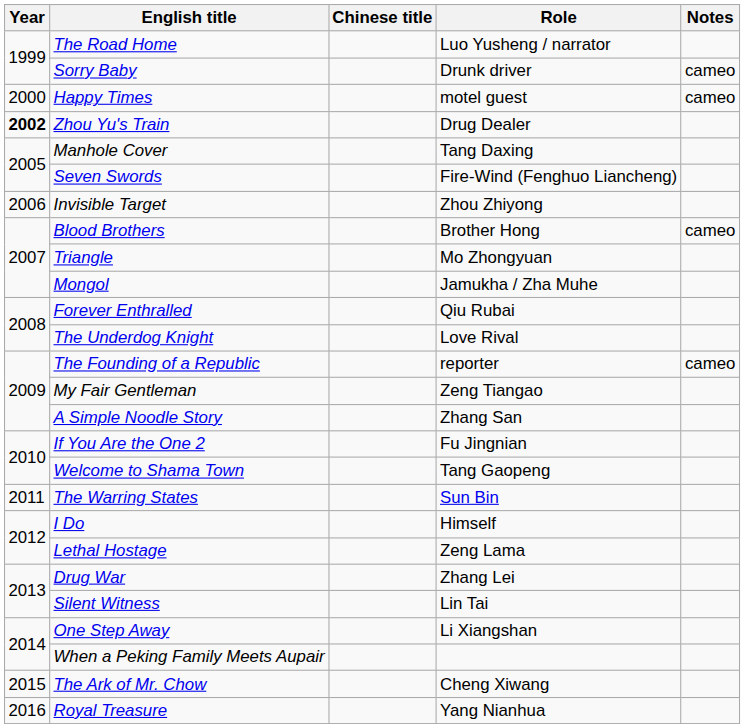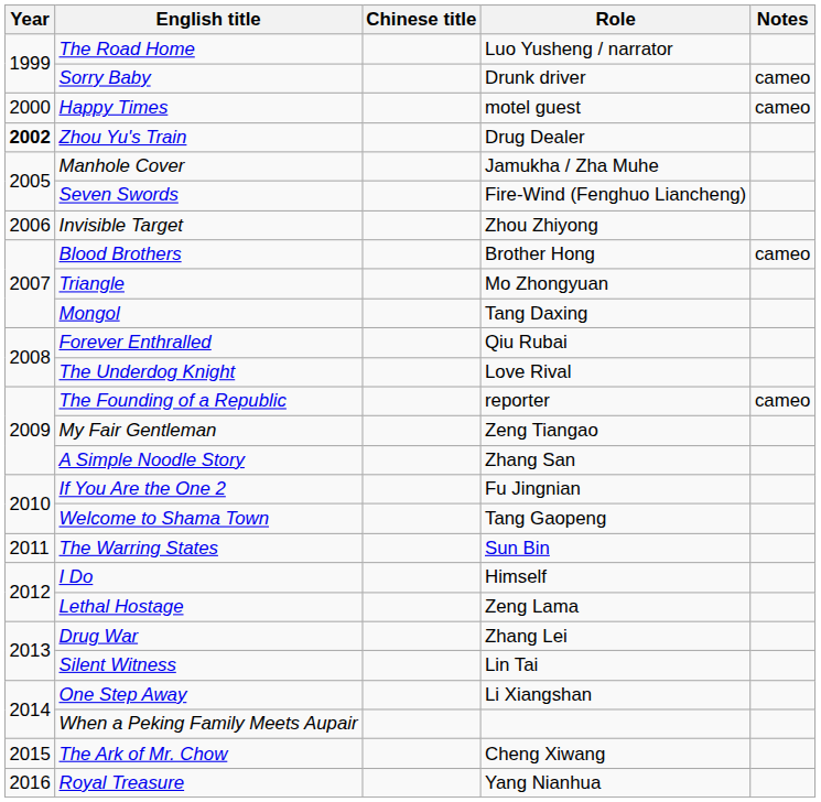 <table class="wikitable sortable">
 <tr>
 <th>Year</th>
 <th>English title</th>
 <th>Chinese title</th>
 <th>Role</th>
 <th>Notes</th>
 </tr>
 <tr>
 <td rowspan=2>1999</td>
 <td><em><a href='#'>The Road Home</a></em></td>
 <td></td>
 <td>Luo Yusheng / narrator</td>
 <td></td>
 </tr>
 <tr>
 <td><em><a href='#'>Sorry Baby</a></em></td>
 <td></td>
 <td>Drunk driver</td>
 <td>cameo</td>
 </tr>
 <tr>
 <td>2000</td>
 <td><em><a href='#'>Happy Times</a></em></td>
 <td></td>
 <td>motel guest</td>
 <td>cameo</td>
 </tr>
 <tr>
 <td><strong>2002</strong></td>
 <td><em><a href='#'>Zhou Yu's Train</a></em></td>
 <td></td>
 <td>Drug Dealer</td>
 <td></td>
 </tr>
 <tr>
 <td rowspan=2>2005</td>
 <td><em>Manhole Cover</em></td>
 <td></td>
-<td>Tang Daxing</td>
+<td>Jamukha / Zha Muhe</td>
 <td></td>
 </tr>
 <tr>
 <td><em><a href='#'>Seven Swords</a></em></td>
 <td></td>
 <td>Fire-Wind (Fenghuo Liancheng)</td>
 <td></td>
 </tr>
 <tr>
 <td>2006</td>
 <td><em>Invisible Target</em></td>
 <td></td>
 <td>Zhou Zhiyong</td>
 <td></td>
 </tr>
 <tr>
 <td rowspan=3>2007</td>
 <td><em><a href='#'>Blood Brothers</a></em></td>
 <td></td>
 <td>Brother Hong</td>
 <td>cameo</td>
 </tr>
 <tr>
 <td><em><a href='#'>Triangle</a></em></td>
 <td></td>
 <td>Mo Zhongyuan</td>
 <td></td>
 </tr>
 <tr>
 <td><em><a href='#'>Mongol</a></em></td>
 <td></td>
-<td>Jamukha / Zha Muhe</td>
+<td>Tang Daxing</td>
 <td></td>
 </tr>
 <tr>
 <td rowspan=2>2008</td>
 <td><em><a href='#'>Forever Enthralled</a></em></td>
 <td></td>
 <td>Qiu Rubai</td>
 <td></td>
 </tr>
 <tr>
 <td><em><a href='#'>The Underdog Knight</a></em></td>
 <td></td>
 <td>Love Rival</td>
 <td></td>
 </tr>
 <tr>
 <td rowspan=3>2009</td>
 <td><em><a href='#'>The Founding of a Republic</a></em></td>
 <td></td>
 <td>reporter</td>
 <td>cameo</td>
 </tr>
 <tr>
 <td><em>My Fair Gentleman</em></td>
 <td></td>
 <td>Zeng Tiangao</td>
 <td></td>
 </tr>
 <tr>
 <td><em><a href='#'>A Simple Noodle Story</a></em></td>
 <td></td>
 <td>Zhang San</td>
 <td></td>
 </tr>
 <tr>
 <td rowspan=2>2010</td>
 <td><em><a href='#'>If You Are the One 2</a></em></td>
 <td></td>
 <td>Fu Jingnian</td>
 <td></td>
 </tr>
 <tr>
 <td><em><a href='#'>Welcome to Shama Town</a></em></td>
 <td></td>
 <td>Tang Gaopeng</td>
 <td></td>
 </tr>
 <tr>
 <td>2011</td>
 <td><em><a href='#'>The Warring States</a></em></td>
 <td></td>
 <td><a href='#'>Sun Bin</a></td>
 <td></td>
 </tr>
 <tr>
 <td rowspan=2>2012</td>
 <td><em><a href='#'>I Do</a></em></td>
 <td></td>
 <td>Himself</td>
 <td></td>
 </tr>
 <tr>
 <td><em><a href='#'>Lethal Hostage</a></em></td>
 <td></td>
 <td>Zeng Lama</td>
 <td></td>
 </tr>
 <tr>
 <td rowspan=2>2013</td>
 <td><em><a href='#'>Drug War</a></em></td>
 <td></td>
 <td>Zhang Lei</td>
 <td></td>
 </tr>
 <tr>
 <td><em><a href='#'>Silent Witness</a></em></td>
 <td></td>
 <td>Lin Tai</td>
 <td></td>
 </tr>
 <tr>
 <td rowspan=2>2014</td>
 <td><em><a href='#'>One Step Away</a></em></td>
 <td></td>
 <td>Li Xiangshan</td>
 <td></td>
 </tr>
 <tr>
 <td><em>When a Peking Family Meets Aupair</em></td>
 <td></td>
 <td></td>
 <td></td>
 </tr>
 <tr>
 <td>2015</td>
 <td><em><a href='#'>The Ark of Mr. Chow</a></em></td>
 <td></td>
 <td>Cheng Xiwang</td>
 <td></td>
 </tr>
 <tr>
 <td>2016</td>
 <td><em><a href='#'>Royal Treasure</a></em></td>
 <td></td>
 <td>Yang Nianhua</td>
 <td></td>
 </tr>
 <tr>
 </tr>
 </table>
